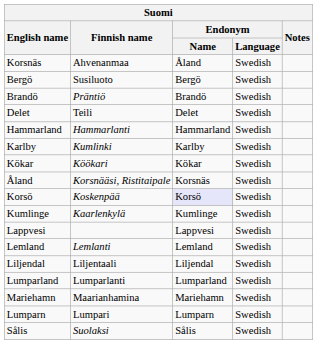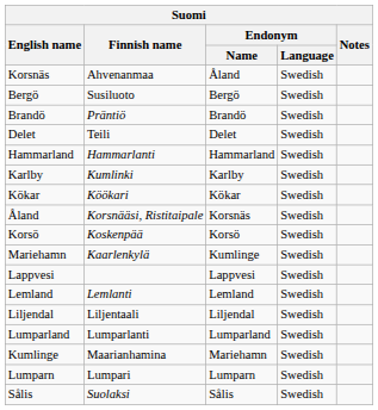 <table class="wikitable sortable">
 <tr>
 <th colspan="5"> Suomi</th>
 </tr>
 <tr>
 <th rowspan="2">English name</th>
 <th rowspan="2">Finnish name</th>
 <th colspan="2">Endonym</th>
 <th rowspan="2">Notes</th>
 </tr>
 <tr>
 <th>Name</th>
 <th>Language</th>
 </tr>
 <tr>
 <td>Korsnäs</td>
 <td>Ahvenanmaa</td>
 <td>Åland</td>
 <td>Swedish</td>
 <td></td>
 </tr>
 <tr>
 <td>Bergö</td>
 <td>Susiluoto</td>
 <td>Bergö</td>
 <td>Swedish</td>
 <td></td>
 </tr>
 <tr>
 <td>Brandö</td>
 <td><em>Präntiö</em></td>
 <td>Brandö</td>
 <td>Swedish</td>
 <td></td>
 </tr>
 <tr>
 <td>Delet</td>
 <td>Teili</td>
 <td>Delet</td>
 <td>Swedish</td>
 <td></td>
 </tr>
 <tr>
 <td>Hammarland</td>
 <td><em>Hammarlanti</em></td>
 <td>Hammarland</td>
 <td>Swedish</td>
 <td></td>
 </tr>
 <tr>
 <td>Karlby</td>
 <td><em>Kumlinki</em></td>
 <td>Karlby</td>
 <td>Swedish</td>
 <td></td>
 </tr>
 <tr>
 <td>Kökar</td>
 <td><em>Köökari</em></td>
 <td>Kökar</td>
 <td>Swedish</td>
 <td></td>
 </tr>
 <tr>
 <td>Åland</td>
 <td><em>Korsnääsi, Ristitaipale</em></td>
 <td>Korsnäs</td>
 <td>Swedish</td>
 <td></td>
 </tr>
 <tr>
 <td>Korsö</td>
 <td><em>Koskenpää</em></td>
-<td style="background: lavender;">Korsö</td>
+<td>Korsö</td>
 <td>Swedish</td>
 <td></td>
 </tr>
 <tr>
-<td>Kumlinge</td>
+<td>Mariehamn</td>
 <td><em>Kaarlenkylä</em></td>
 <td>Kumlinge</td>
 <td>Swedish</td>
 <td></td>
 </tr>
 <tr>
 <td>Lappvesi</td>
 <td></td>
 <td>Lappvesi</td>
 <td>Swedish</td>
 <td></td>
 </tr>
 <tr>
 <td>Lemland</td>
 <td><em>Lemlanti</em></td>
 <td>Lemland</td>
 <td>Swedish</td>
 <td></td>
 </tr>
 <tr>
 <td>Liljendal</td>
 <td>Liljentaali</td>
 <td>Liljendal</td>
 <td>Swedish</td>
 <td></td>
 </tr>
 <tr>
 <td>Lumparland</td>
 <td>Lumparlanti<em></em></td>
 <td>Lumparland</td>
 <td>Swedish</td>
 <td></td>
 </tr>
 <tr>
-<td>Mariehamn</td>
+<td>Kumlinge</td>
 <td>Maarianhamina</td>
 <td>Mariehamn</td>
 <td>Swedish</td>
 <td></td>
 </tr>
 <tr>
 <td>Lumparn</td>
 <td>Lumpari</td>
 <td>Lumparn</td>
 <td>Swedish</td>
 <td></td>
 </tr>
 <tr>
 <td>Sålis</td>
 <td><em>Suolaksi</em></td>
 <td>Sålis</td>
 <td>Swedish</td>
 <td></td>
 </tr>
 </table>
